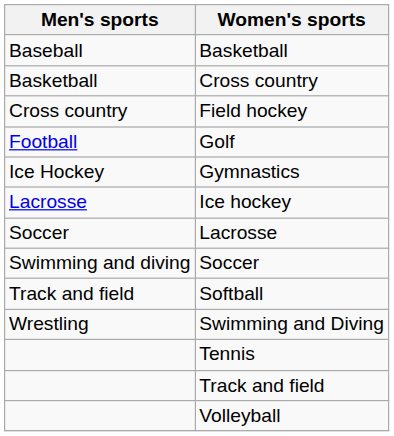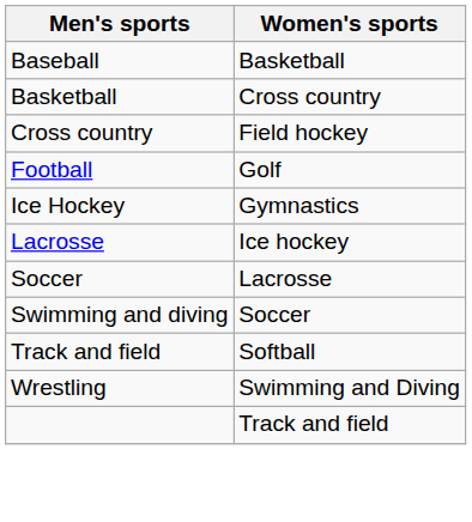 <table class="wikitable">
 <tr>
 <th width=px>Men's sports</th>
 <th width=px>Women's sports</th>
 </tr>
 <tr>
 <td>Baseball</td>
 <td>Basketball</td>
 </tr>
 <tr>
 <td>Basketball</td>
 <td>Cross country</td>
 </tr>
 <tr>
 <td>Cross country</td>
 <td>Field hockey</td>
 </tr>
 <tr>
 <td><a href='#'>Football</a></td>
 <td>Golf</td>
 </tr>
 <tr>
 <td>Ice Hockey</td>
 <td>Gymnastics</td>
 </tr>
 <tr>
 <td><a href='#'>Lacrosse</a></td>
 <td>Ice hockey</td>
 </tr>
 <tr>
 <td>Soccer</td>
 <td>Lacrosse</td>
 </tr>
 <tr>
 <td>Swimming and diving</td>
 <td>Soccer</td>
 </tr>
 <tr>
 <td>Track and field</td>
 <td>Softball</td>
 </tr>
 <tr>
 <td>Wrestling</td>
 <td>Swimming and Diving</td>
 </tr>
 <tr>
 <td></td>
-<td>Tennis</td>
-</tr>
-<tr>
-<td></td>
 <td>Track and field</td>
-</tr>
-<tr>
-<td></td>
-<td>Volleyball</td>
 </tr>
 <tr>
 </tr>
 </table>
